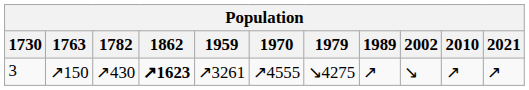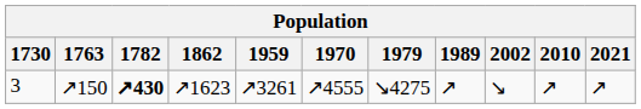 <table class="wikitable">
 <tr>
 <th colspan="11">Population</th>
 </tr>
 <tr>
 <th>1730</th>
 <th>1763</th>
 <th>1782</th>
 <th>1862</th>
 <th>1959</th>
 <th>1970</th>
 <th>1979</th>
 <th>1989</th>
 <th>2002</th>
 <th>2010</th>
 <th>2021</th>
 </tr>
 <tr>
 <td>3</td>
 <td>↗150</td>
-<td>↗430</td>
-<td><strong>↗1623</strong></td>
+<td><strong>↗430</strong></td>
+<td>↗1623</td>
 <td>↗3261 </td>
 <td>↗4555 </td>
 <td>↘4275 </td>
 <td>↗</td>
 <td>↘</td>
 <td>↗</td>
 <td>↗</td>
 </tr>
 </table>
